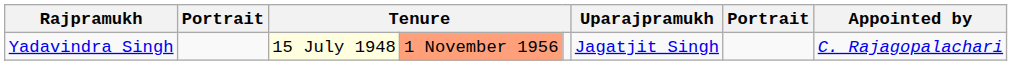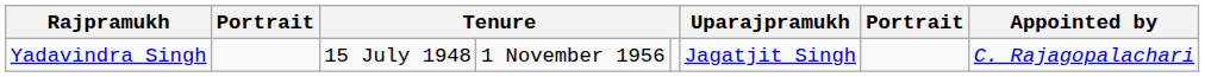 <table class="wikitable" style="text-align:center">
 <tr>
 <th>Rajpramukh<br></th>
 <th>Portrait</th>
 <th colspan=3>Tenure </th>
 <th>Uparajpramukh<br></th>
 <th>Portrait</th>
 <th>Appointed by</th>
 </tr>
 <tr>
 <td><a href='#'>Yadavindra Singh</a></td>
 <td></td>
-<td style="background: lightyellow;">15 July 1948</td>
-<td style="background: lightsalmon;">1 November 1956</td>
+<td>15 July 1948</td>
+<td>1 November 1956</td>
 <td></td>
 <td><a href='#'>Jagatjit Singh</a></td>
 <td></td>
 <td><em><a href='#'>C. Rajagopalachari</a></em></td>
 </tr>
 </table>
